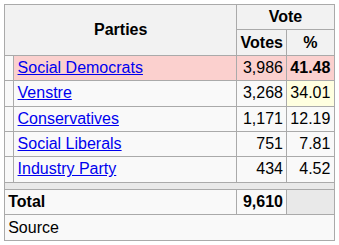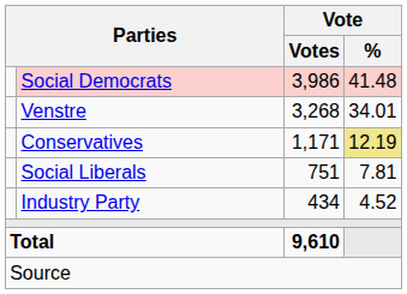 <table class="wikitable" style="text-align:right;">
 <tr>
 <th style="text-align:centre;" rowspan="2" colspan="2" width="225">Parties</th>
 <th colspan="3">Vote</th>
 </tr>
 <tr>
 <th width="15">Votes</th>
 <th width="15">%</th>
 </tr>
 <tr>
 <td width="2" style="color:inherit;background:"></td>
 <td bgcolor=#fbd0ce  align="left"><a href='#'>Social Democrats</a></td>
 <td bgcolor=#fbd0ce>3,986</td>
-<td bgcolor=#fbd0ce><strong>41.48</strong></td>
+<td bgcolor=#fbd0ce>41.48</td>
 </tr>
 <tr>
 <td width="2" style="color:inherit;background:"></td>
 <td align="left"><a href='#'>Venstre</a></td>
 <td>3,268</td>
-<td style="background: lightyellow;">34.01</td>
+<td>34.01</td>
 </tr>
 <tr>
 <td width="2" style="color:inherit;background:"></td>
 <td align="left"><a href='#'>Conservatives</a></td>
 <td>1,171</td>
-<td>12.19</td>
+<td style="background: khaki;">12.19</td>
 </tr>
 <tr>
 <td width="2" style="color:inherit;background:"></td>
 <td align="left"><a href='#'>Social Liberals</a></td>
 <td>751</td>
 <td>7.81</td>
 </tr>
 <tr>
 <td width="2" style="color:inherit;background:"></td>
 <td align="left"><a href='#'>Industry Party</a></td>
 <td>434</td>
 <td>4.52</td>
 </tr>
 <tr>
 <td colspan="7" bgcolor="#E9E9E9"></td>
 </tr>
 <tr>
 <td align="left" colspan="2"><strong>Total</strong></td>
 <td><strong>9,610</strong></td>
 <td bgcolor="#E9E9E9" colspan="2"></td>
 </tr>
 <tr>
 </tr>
 <tr>
 <td align="left" colspan="6">Source</td>
 </tr>
 </table>
